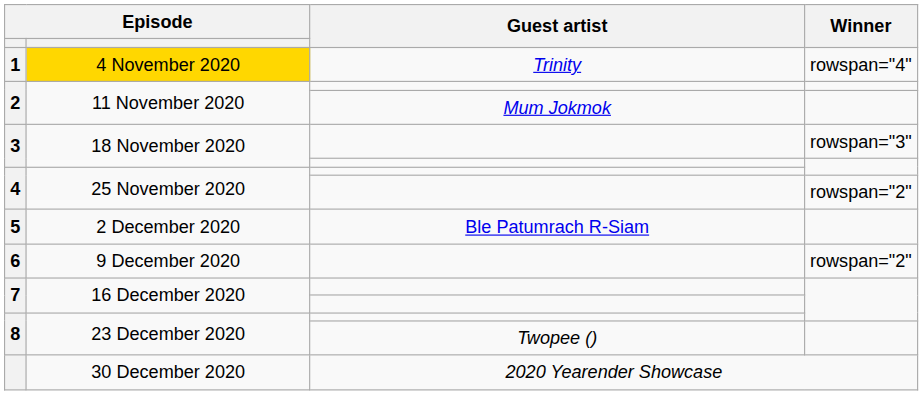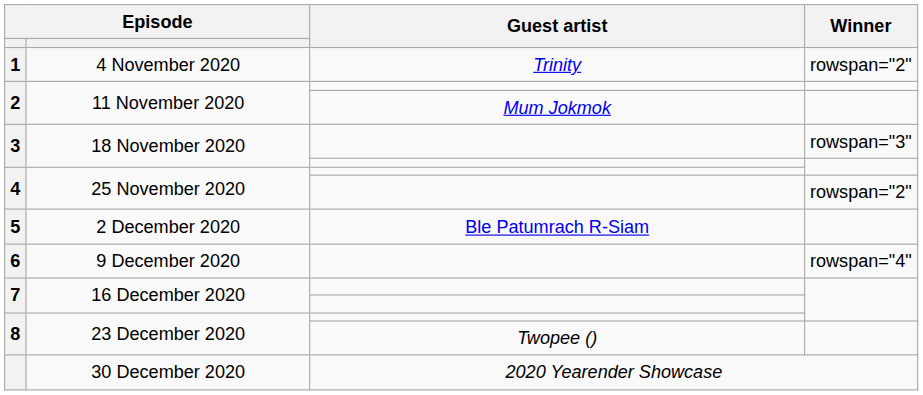 <table class="wikitable plainrowheaders mw-collapsible" style="text-align:center; line-height:23px; width:64%;">
 <tr>
 <th colspan="2" width="24%">Episode</th>
 <th rowspan="2" width="40%">Guest artist</th>
 <th rowspan="2" width="1%">Winner</th>
 </tr>
 <tr>
 <th width="01%"></th>
 <th></th>
 </tr>
 <tr>
 <th>1</th>
-<td style="background: gold;">4 November 2020</td>
+<td>4 November 2020</td>
 <td><em><a href='#'>Trinity</a></em></td>
-<td>rowspan="4"</td>
+<td>rowspan="2"</td>
 </tr>
 <tr>
 <th rowspan="2">2</th>
 <td rowspan="2">11 November 2020</td>
 <td></td>
 </tr>
 <tr>
 <td><em><a href='#'>Mum Jokmok</a></em></td>
 <td></td>
 </tr>
 <tr>
 <th rowspan="2">3</th>
 <td rowspan="2">18 November 2020</td>
 <td><em></em></td>
 <td>rowspan="3"</td>
 </tr>
 <tr>
 <td><em></em></td>
 </tr>
 <tr>
 <th rowspan="2">4</th>
 <td rowspan="2">25 November 2020</td>
 <td><em></em></td>
 </tr>
 <tr>
 <td><em></em></td>
 <td>rowspan="2"</td>
 </tr>
 <tr>
 <th>5</th>
 <td>2 December 2020</td>
 <td><a href='#'>Ble Patumrach R-Siam</a></td>
 </tr>
 <tr>
 <th>6</th>
 <td>9 December 2020</td>
 <td></td>
-<td>rowspan="2"</td>
+<td>rowspan="4"</td>
 </tr>
 <tr>
 <th rowspan="2">7</th>
 <td rowspan="2">16 December 2020</td>
 <td></td>
 </tr>
 <tr>
 <td><em></em></td>
 </tr>
 <tr>
 <th rowspan="2">8</th>
 <td rowspan="2">23 December 2020</td>
 <td><em></em></td>
 </tr>
 <tr>
 <td><em>Twopee ()</em></td>
 <td></td>
 </tr>
 <tr>
 <th></th>
 <td>30 December 2020</td>
 <td colspan="2"><em>2020 Yearender Showcase</em></td>
 </tr>
 </table>
